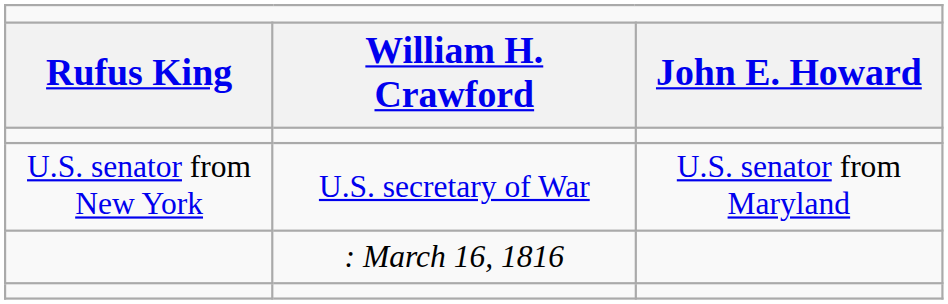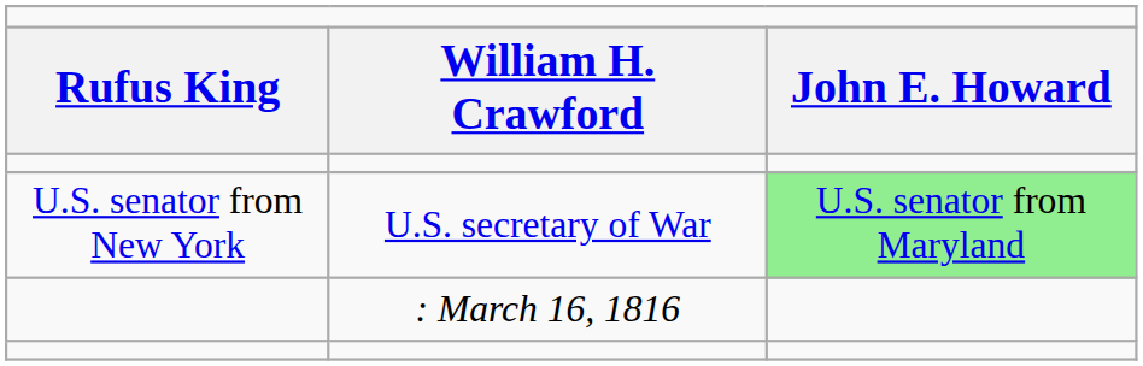 <table class="wikitable" style="font-size:90%">
 <tr>
 <td colspan="9" style="text-align:center; width:420px; font-size:120%; color:white; background:"><em></em></td>
 </tr>
 <tr>
 <th scope="col" style="width:3em; font-size:120%;"><a href='#'>Rufus King</a></th>
 <th scope="col" style="width:3em; font-size:120%;"><a href='#'>William H. Crawford</a></th>
 <th scope="col" style="width:3em; font-size:120%;"><a href='#'>John E. Howard</a></th>
 </tr>
 <tr>
 <td></td>
 <td></td>
 <td></td>
 </tr>
 <tr style="text-align:center">
 <td><a href='#'>U.S. senator</a> from <a href='#'>New York</a> <br> </td>
 <td><a href='#'>U.S. secretary of War</a> <br> </td>
-<td><a href='#'>U.S. senator</a> from <a href='#'>Maryland</a> <br> </td>
+<td style="background: lightgreen;"><a href='#'>U.S. senator</a> from <a href='#'>Maryland</a> <br> </td>
 </tr>
 <tr style="text-align:center">
 <td><em></em></td>
 <td><em>: March 16, 1816</em></td>
 <td><em></em></td>
 </tr>
 <tr style="text-align:center">
 <td></td>
 <td></td>
 <td></td>
 </tr>
 </table>
